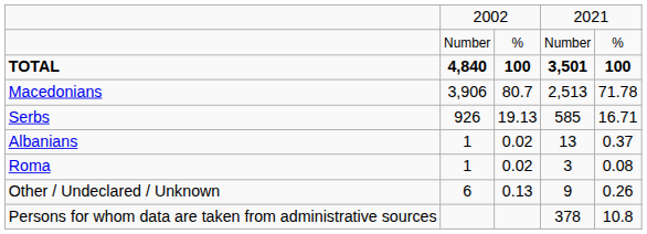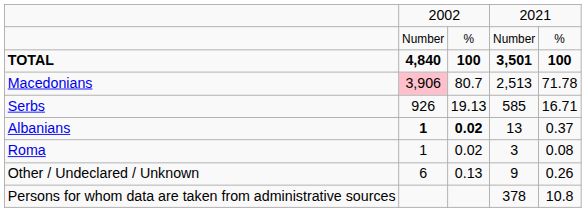 <table class="wikitable">
 <tr>
 <td></td>
 <td colspan="2" align="center">2002</td>
 <td colspan="2" align="center">2021</td>
 </tr>
 <tr>
 <td></td>
 <td align="center"><small>Number</small></td>
 <td align="center"><small>%</small></td>
 <td align="center"><small>Number</small></td>
 <td align="center"><small>%</small></td>
 </tr>
 <tr>
 <td><strong>TOTAL</strong></td>
 <td align="center"><strong>4,840</strong></td>
 <td align="center"><strong>100</strong></td>
 <td align="center"><strong>3,501</strong></td>
 <td align="center"><strong>100</strong></td>
 </tr>
 <tr>
 <td><a href='#'>Macedonians</a></td>
-<td align="center">3,906</td>
+<td align="center" style="background: pink;">3,906</td>
 <td align="center">80.7</td>
 <td align="center">2,513</td>
 <td align="center">71.78</td>
 </tr>
 <tr>
 <td><a href='#'>Serbs</a></td>
 <td align="center">926</td>
 <td align="center">19.13</td>
 <td align="center">585</td>
 <td align="center">16.71</td>
 </tr>
 <tr>
 <td><a href='#'>Albanians</a></td>
-<td align="center">1</td>
-<td align="center">0.02</td>
+<td align="center"><strong>1</strong></td>
+<td align="center"><strong>0.02</strong></td>
 <td align="center">13</td>
 <td align="center">0.37</td>
 </tr>
 <tr>
 <td><a href='#'>Roma</a></td>
 <td align="center">1</td>
 <td align="center">0.02</td>
 <td align="center">3</td>
 <td align="center">0.08</td>
 </tr>
 <tr>
 <td>Other / Undeclared / Unknown</td>
 <td align="center">6</td>
 <td align="center">0.13</td>
 <td align="center">9</td>
 <td align="center">0.26</td>
 </tr>
 <tr>
 <td>Persons for whom data are taken from administrative sources</td>
 <td align="center"></td>
 <td align="center"></td>
 <td align="center">378</td>
 <td align="center">10.8</td>
 </tr>
 </table>
